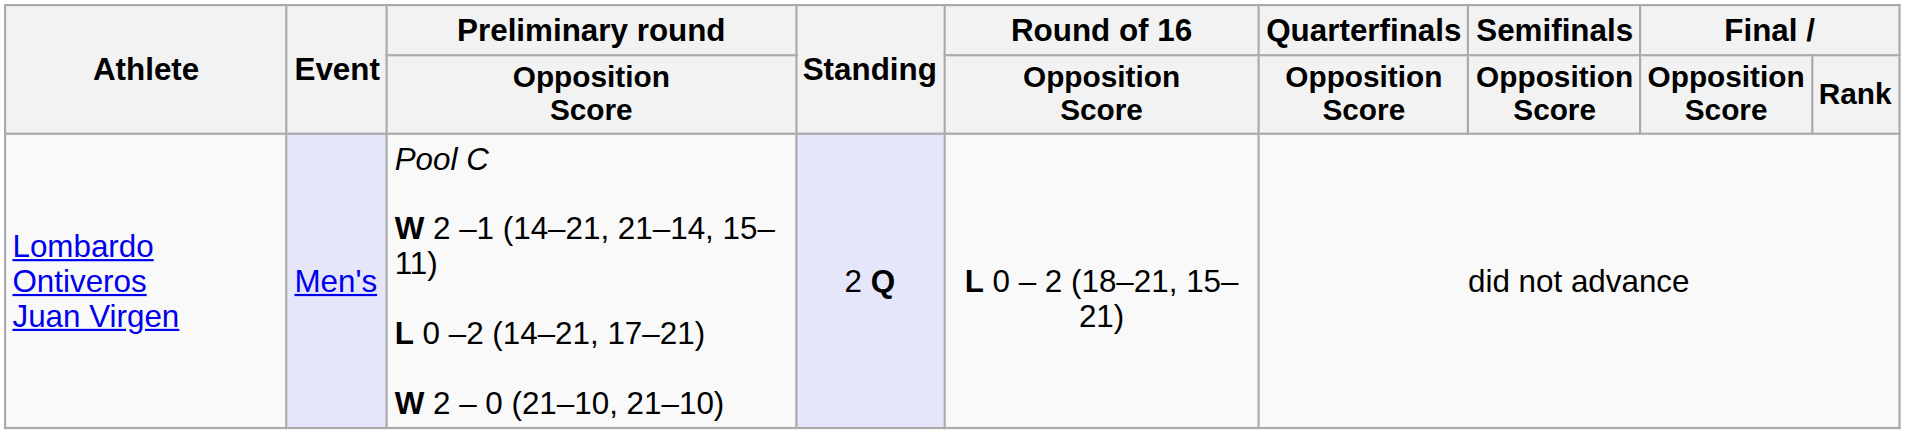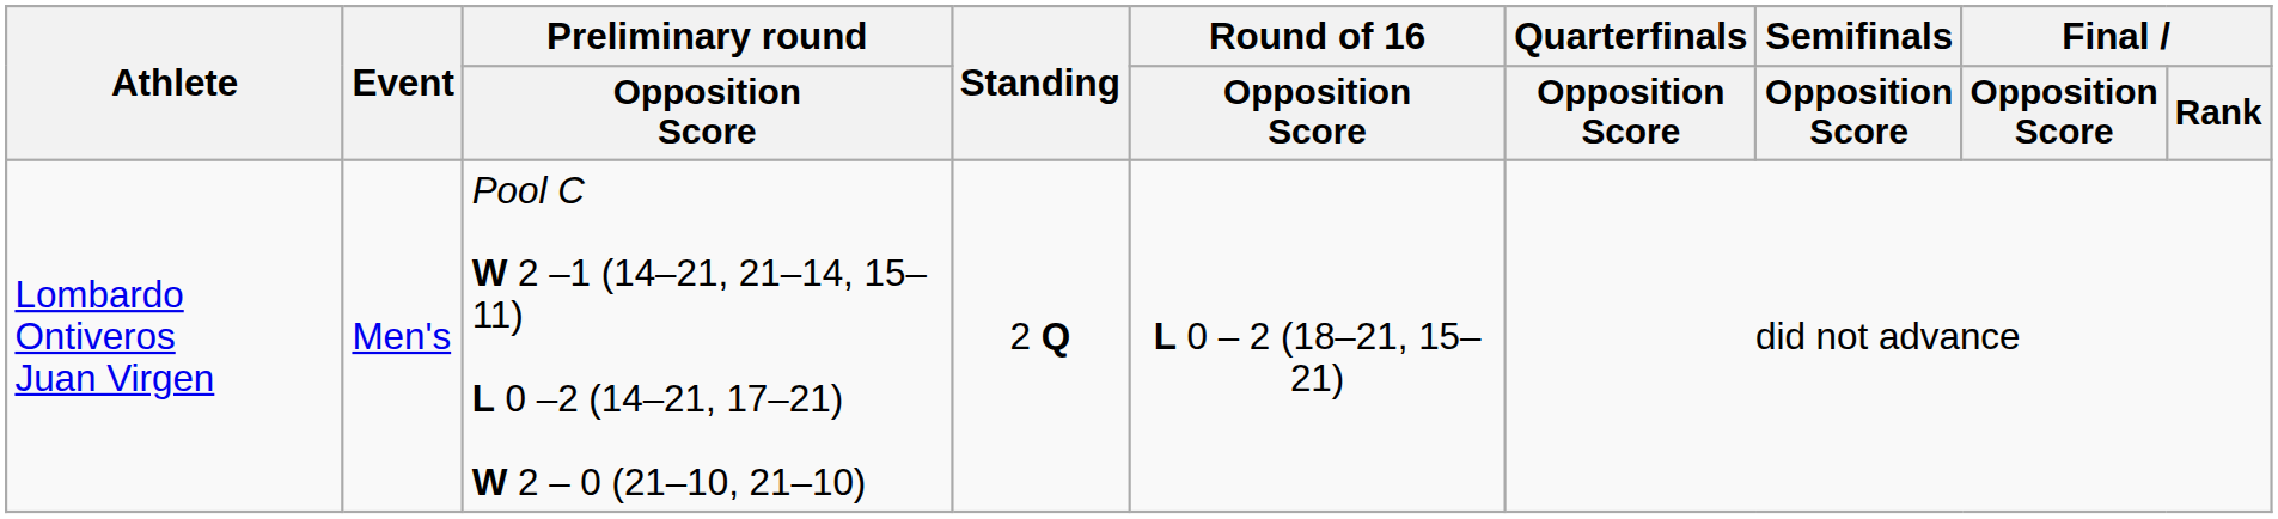 <table class=wikitable style="font-size:90%">
 <tr>
 <th rowspan="2">Athlete</th>
 <th rowspan="2">Event</th>
 <th>Preliminary round</th>
 <th rowspan="2">Standing</th>
 <th>Round of 16</th>
 <th>Quarterfinals</th>
 <th>Semifinals</th>
 <th colspan=2>Final / </th>
 </tr>
 <tr style="font-size:95%">
 <th>Opposition<br>Score</th>
 <th>Opposition<br>Score</th>
 <th>Opposition<br>Score</th>
 <th>Opposition<br>Score</th>
 <th>Opposition<br>Score</th>
 <th>Rank</th>
 </tr>
 <tr align=center>
 <td align=left><a href='#'>Lombardo Ontiveros</a><br><a href='#'>Juan Virgen</a></td>
-<td align=left style="background: lavender;"><a href='#'>Men's</a></td>
+<td align=left><a href='#'>Men's</a></td>
 <td align=left><em>Pool C</em><br><br><strong>W</strong> 2 –1 (14–21, 21–14, 15–11)<br><br><strong>L</strong> 0 –2 (14–21, 17–21)<br><br><strong>W</strong> 2 – 0 (21–10, 21–10)</td>
-<td style="background: lavender;">2 <strong>Q</strong></td>
+<td>2 <strong>Q</strong></td>
 <td><br><strong>L</strong> 0 – 2 (18–21, 15–21)</td>
 <td colspan=4>did not advance</td>
 </tr>
 </table>
